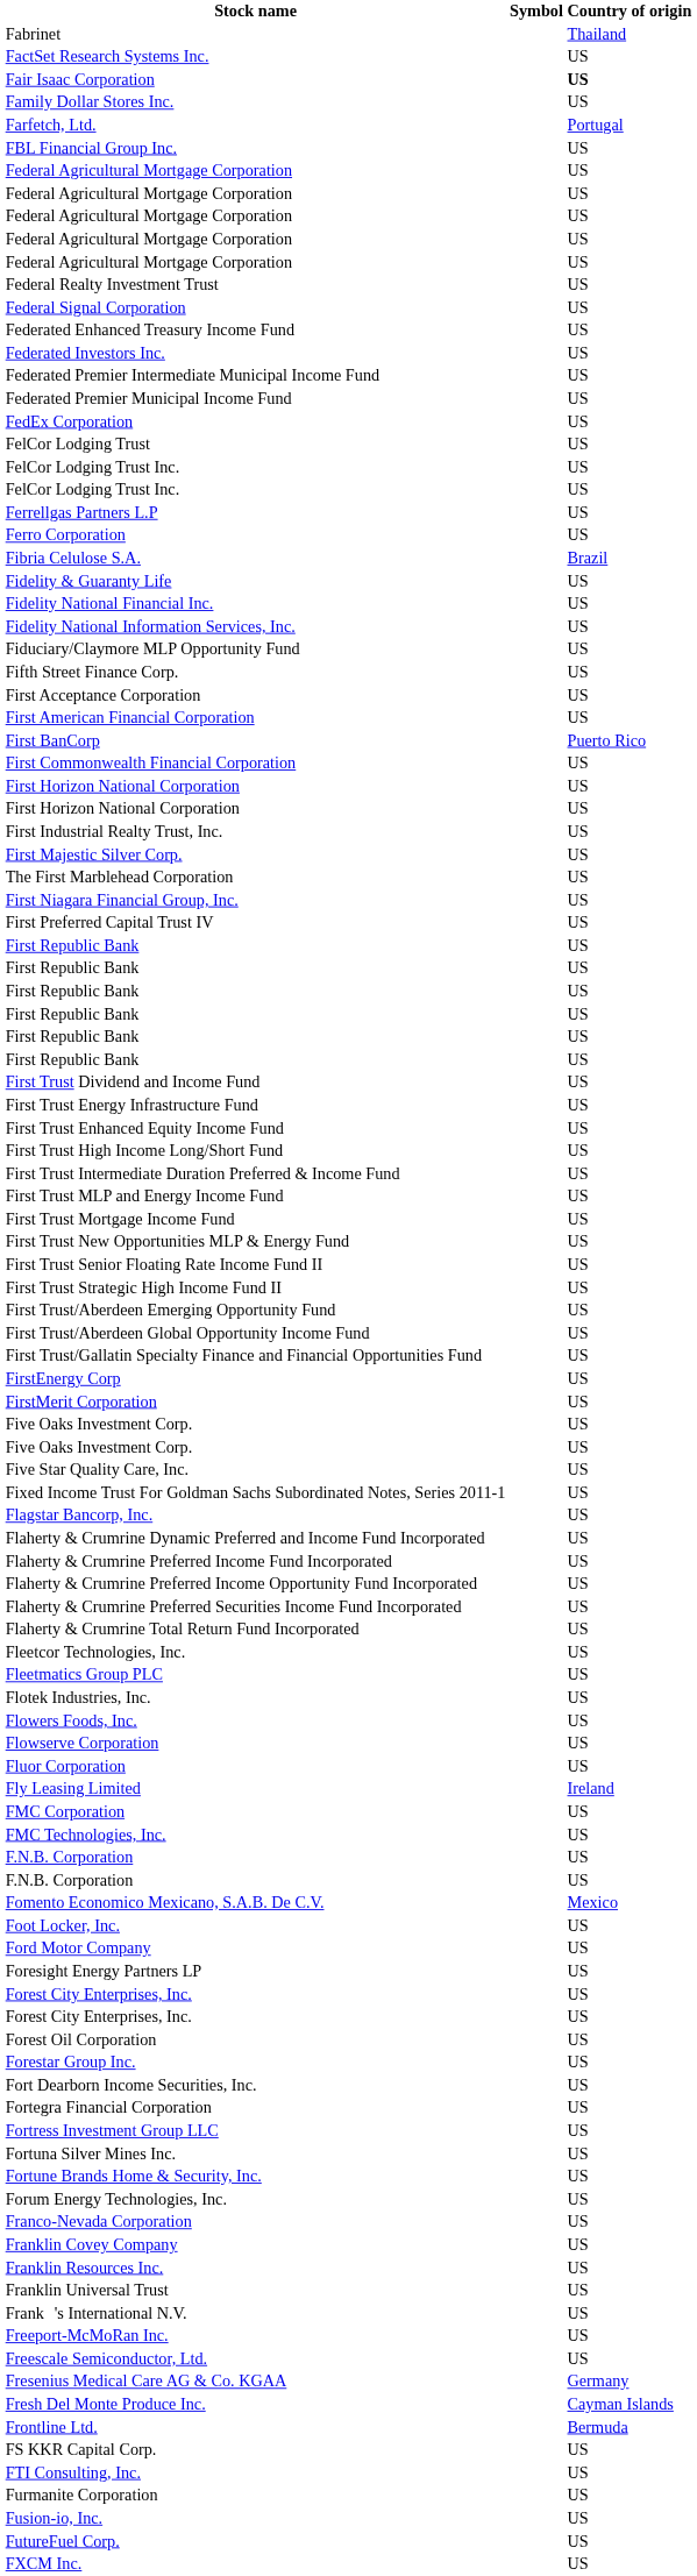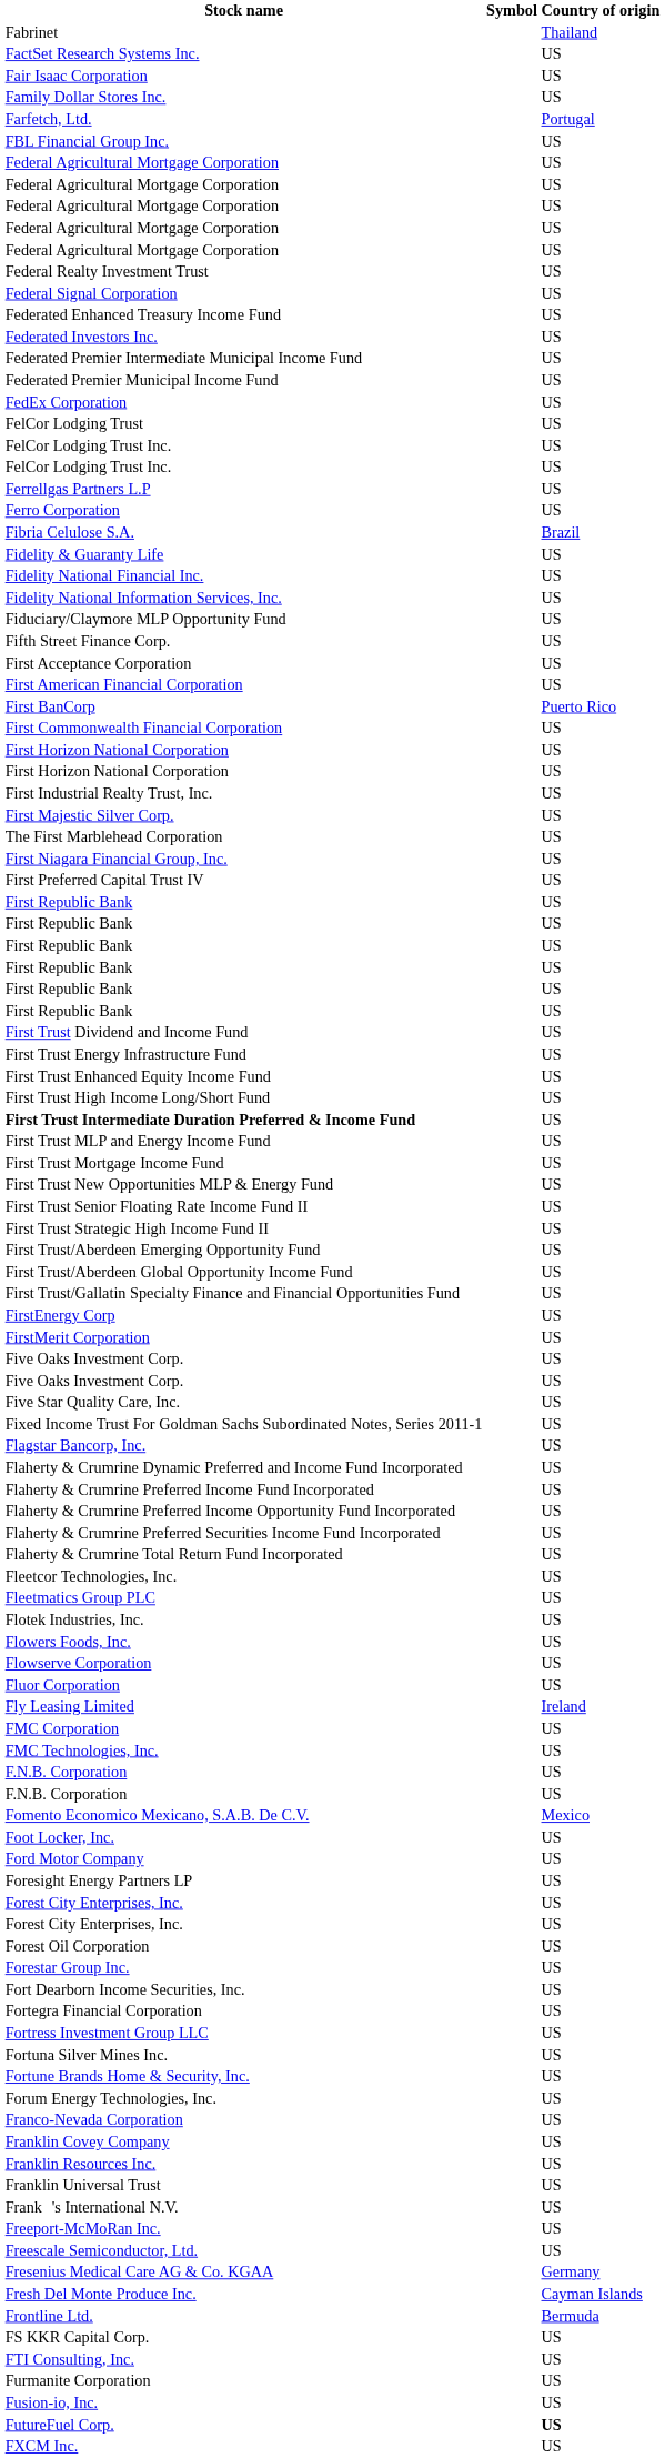 <table style="background:transparent;">
 <tr>
 <th>Stock name</th>
 <th>Symbol</th>
 <th>Country of origin</th>
 </tr>
 <tr --->
 <td>Fabrinet</td>
 <td></td>
 <td><a href='#'>Thailand</a></td>
 </tr>
 <tr --->
 <td><a href='#'>FactSet Research Systems Inc.</a></td>
 <td></td>
 <td>US</td>
 </tr>
 <tr --->
 <td><a href='#'>Fair Isaac Corporation</a></td>
 <td></td>
-<td><strong>US</strong></td>
+<td>US</td>
 </tr>
 <tr --->
 <td><a href='#'>Family Dollar Stores Inc.</a></td>
 <td></td>
 <td>US</td>
 </tr>
 <tr --->
 <td><a href='#'>Farfetch, Ltd.</a></td>
 <td></td>
 <td><a href='#'>Portugal</a></td>
 </tr>
 <tr --->
 <td><a href='#'>FBL Financial Group Inc.</a></td>
 <td></td>
 <td>US</td>
 </tr>
 <tr --->
 <td><a href='#'>Federal Agricultural Mortgage Corporation</a></td>
 <td></td>
 <td>US</td>
 </tr>
 <tr --->
 <td>Federal Agricultural Mortgage Corporation</td>
 <td></td>
 <td>US</td>
 </tr>
 <tr --->
 <td>Federal Agricultural Mortgage Corporation</td>
 <td></td>
 <td>US</td>
 </tr>
 <tr --->
 <td>Federal Agricultural Mortgage Corporation</td>
 <td></td>
 <td>US</td>
 </tr>
 <tr --->
 <td>Federal Agricultural Mortgage Corporation</td>
 <td></td>
 <td>US</td>
 </tr>
 <tr --->
 <td>Federal Realty Investment Trust</td>
 <td></td>
 <td>US</td>
 </tr>
 <tr --->
 <td><a href='#'>Federal Signal Corporation</a></td>
 <td></td>
 <td>US</td>
 </tr>
 <tr --->
 <td>Federated Enhanced Treasury Income Fund</td>
 <td></td>
 <td>US</td>
 </tr>
 <tr --->
 <td><a href='#'>Federated Investors Inc.</a></td>
 <td></td>
 <td>US</td>
 </tr>
 <tr --->
 <td>Federated Premier Intermediate Municipal Income Fund</td>
 <td></td>
 <td>US</td>
 </tr>
 <tr --->
 <td>Federated Premier Municipal Income Fund</td>
 <td></td>
 <td>US</td>
 </tr>
 <tr --->
 <td><a href='#'>FedEx Corporation</a></td>
 <td></td>
 <td>US</td>
 </tr>
 <tr --->
 <td>FelCor Lodging Trust</td>
 <td></td>
 <td>US</td>
 </tr>
 <tr --->
 <td>FelCor Lodging Trust Inc.</td>
 <td></td>
 <td>US</td>
 </tr>
 <tr --->
 <td>FelCor Lodging Trust Inc.</td>
 <td></td>
 <td>US</td>
 </tr>
 <tr --->
 <td><a href='#'>Ferrellgas Partners L.P</a></td>
 <td></td>
 <td>US</td>
 </tr>
 <tr --->
 <td><a href='#'>Ferro Corporation</a></td>
 <td></td>
 <td>US</td>
 </tr>
 <tr --->
 <td><a href='#'>Fibria Celulose S.A.</a></td>
 <td></td>
 <td><a href='#'>Brazil</a></td>
 </tr>
 <tr --->
 <td><a href='#'>Fidelity & Guaranty Life</a></td>
 <td></td>
 <td>US</td>
 </tr>
 <tr --->
 <td><a href='#'>Fidelity National Financial Inc.</a></td>
 <td></td>
 <td>US</td>
 </tr>
 <tr --->
 <td><a href='#'>Fidelity National Information Services, Inc.</a></td>
 <td></td>
 <td>US</td>
 </tr>
 <tr --->
 <td>Fiduciary/Claymore MLP Opportunity Fund</td>
 <td></td>
 <td>US</td>
 </tr>
 <tr --->
 <td>Fifth Street Finance Corp.</td>
 <td></td>
 <td>US</td>
 </tr>
 <tr --->
 <td>First Acceptance Corporation</td>
 <td></td>
 <td>US</td>
 </tr>
 <tr --->
 <td><a href='#'>First American Financial Corporation</a></td>
 <td></td>
 <td>US</td>
 </tr>
 <tr --->
 <td><a href='#'>First BanCorp</a></td>
 <td></td>
 <td><a href='#'>Puerto Rico</a></td>
 </tr>
 <tr --->
 <td><a href='#'>First Commonwealth Financial Corporation</a></td>
 <td></td>
 <td>US</td>
 </tr>
 <tr --->
 <td><a href='#'>First Horizon National Corporation</a></td>
 <td></td>
 <td>US</td>
 </tr>
 <tr --->
 <td>First Horizon National Corporation</td>
 <td></td>
 <td>US</td>
 </tr>
 <tr --->
 <td>First Industrial Realty Trust, Inc.</td>
 <td></td>
 <td>US</td>
 </tr>
 <tr --->
 <td><a href='#'>First Majestic Silver Corp.</a></td>
 <td></td>
 <td>US</td>
 </tr>
 <tr --->
 <td>The First Marblehead Corporation</td>
 <td></td>
 <td>US</td>
 </tr>
 <tr --->
 <td><a href='#'>First Niagara Financial Group, Inc.</a></td>
 <td></td>
 <td>US</td>
 </tr>
 <tr --->
 <td>First Preferred Capital Trust IV</td>
 <td></td>
 <td>US</td>
 </tr>
 <tr --->
 <td><a href='#'>First Republic Bank</a></td>
 <td></td>
 <td>US</td>
 </tr>
 <tr --->
 <td>First Republic Bank</td>
 <td></td>
 <td>US</td>
 </tr>
 <tr --->
 <td>First Republic Bank</td>
 <td></td>
 <td>US</td>
 </tr>
 <tr --->
 <td>First Republic Bank</td>
 <td></td>
 <td>US</td>
 </tr>
 <tr --->
 <td>First Republic Bank</td>
 <td></td>
 <td>US</td>
 </tr>
 <tr --->
 <td>First Republic Bank</td>
 <td></td>
 <td>US</td>
 </tr>
 <tr --->
 <td><a href='#'>First Trust</a> Dividend and Income Fund</td>
 <td></td>
 <td>US</td>
 </tr>
 <tr --->
 <td>First Trust Energy Infrastructure Fund</td>
 <td></td>
 <td>US</td>
 </tr>
 <tr --->
 <td>First Trust Enhanced Equity Income Fund</td>
 <td></td>
 <td>US</td>
 </tr>
 <tr --->
 <td>First Trust High Income Long/Short Fund</td>
 <td></td>
 <td>US</td>
 </tr>
 <tr --->
-<td>First Trust Intermediate Duration Preferred & Income Fund</td>
+<td><strong>First Trust Intermediate Duration Preferred & Income Fund</strong></td>
 <td></td>
 <td>US</td>
 </tr>
 <tr --->
 <td>First Trust MLP and Energy Income Fund</td>
 <td></td>
 <td>US</td>
 </tr>
 <tr --->
 <td>First Trust Mortgage Income Fund</td>
 <td></td>
 <td>US</td>
 </tr>
 <tr --->
 <td>First Trust New Opportunities MLP & Energy Fund</td>
 <td></td>
 <td>US</td>
 </tr>
 <tr --->
 <td>First Trust Senior Floating Rate Income Fund II</td>
 <td></td>
 <td>US</td>
 </tr>
 <tr --->
 <td>First Trust Strategic High Income Fund II</td>
 <td></td>
 <td>US</td>
 </tr>
 <tr --->
 <td>First Trust/Aberdeen Emerging Opportunity Fund</td>
 <td></td>
 <td>US</td>
 </tr>
 <tr --->
 <td>First Trust/Aberdeen Global Opportunity Income Fund</td>
 <td></td>
 <td>US</td>
 </tr>
 <tr --->
 <td>First Trust/Gallatin Specialty Finance and Financial Opportunities Fund</td>
 <td></td>
 <td>US</td>
 </tr>
 <tr --->
 <td><a href='#'>FirstEnergy Corp</a></td>
 <td></td>
 <td>US</td>
 </tr>
 <tr --->
 <td><a href='#'>FirstMerit Corporation</a></td>
 <td></td>
 <td>US</td>
 </tr>
 <tr --->
 <td>Five Oaks Investment Corp.</td>
 <td></td>
 <td>US</td>
 </tr>
 <tr --->
 <td>Five Oaks Investment Corp.</td>
 <td></td>
 <td>US</td>
 </tr>
 <tr --->
 <td>Five Star Quality Care, Inc.</td>
 <td></td>
 <td>US</td>
 </tr>
 <tr --->
 <td>Fixed Income Trust For Goldman Sachs Subordinated Notes, Series 2011-1</td>
 <td></td>
 <td>US</td>
 </tr>
 <tr --->
 <td><a href='#'>Flagstar Bancorp, Inc.</a></td>
 <td></td>
 <td>US</td>
 </tr>
 <tr --->
 <td>Flaherty & Crumrine Dynamic Preferred and Income Fund Incorporated</td>
 <td></td>
 <td>US</td>
 </tr>
 <tr --->
 <td>Flaherty & Crumrine Preferred Income Fund Incorporated</td>
 <td></td>
 <td>US</td>
 </tr>
 <tr --->
 <td>Flaherty & Crumrine Preferred Income Opportunity Fund Incorporated</td>
 <td></td>
 <td>US</td>
 </tr>
 <tr --->
 <td>Flaherty & Crumrine Preferred Securities Income Fund Incorporated</td>
 <td></td>
 <td>US</td>
 </tr>
 <tr --->
 <td>Flaherty & Crumrine Total Return Fund Incorporated</td>
 <td></td>
 <td>US</td>
 </tr>
 <tr --->
 <td>Fleetcor Technologies, Inc.</td>
 <td></td>
 <td>US</td>
 </tr>
 <tr --->
 <td><a href='#'>Fleetmatics Group PLC</a></td>
 <td></td>
 <td>US</td>
 </tr>
 <tr --->
 <td>Flotek Industries, Inc.</td>
 <td></td>
 <td>US</td>
 </tr>
 <tr --->
 <td><a href='#'>Flowers Foods, Inc.</a></td>
 <td></td>
 <td>US</td>
 </tr>
 <tr --->
 <td><a href='#'>Flowserve Corporation</a></td>
 <td></td>
 <td>US</td>
 </tr>
 <tr --->
 <td><a href='#'>Fluor Corporation</a></td>
 <td></td>
 <td>US</td>
 </tr>
 <tr --->
 <td><a href='#'>Fly Leasing Limited</a></td>
 <td></td>
 <td><a href='#'>Ireland</a></td>
 </tr>
 <tr --->
 <td><a href='#'>FMC Corporation</a></td>
 <td></td>
 <td>US</td>
 </tr>
 <tr --->
 <td><a href='#'>FMC Technologies, Inc.</a></td>
 <td></td>
 <td>US</td>
 </tr>
 <tr --->
 <td><a href='#'>F.N.B. Corporation</a></td>
 <td></td>
 <td>US</td>
 </tr>
 <tr --->
 <td>F.N.B. Corporation</td>
 <td></td>
 <td>US</td>
 </tr>
 <tr --->
 <td><a href='#'>Fomento Economico Mexicano, S.A.B. De C.V.</a></td>
 <td></td>
 <td><a href='#'>Mexico</a></td>
 </tr>
 <tr --->
 <td><a href='#'>Foot Locker, Inc.</a></td>
 <td></td>
 <td>US</td>
 </tr>
 <tr --->
 <td><a href='#'>Ford Motor Company</a></td>
 <td></td>
 <td>US</td>
 </tr>
 <tr --->
 <td>Foresight Energy Partners LP</td>
 <td></td>
 <td>US</td>
 </tr>
 <tr --->
 <td><a href='#'>Forest City Enterprises, Inc.</a></td>
 <td></td>
 <td>US</td>
 </tr>
 <tr --->
 <td>Forest City Enterprises, Inc.</td>
 <td></td>
 <td>US</td>
 </tr>
 <tr --->
 <td>Forest Oil Corporation</td>
 <td></td>
 <td>US</td>
 </tr>
 <tr --->
 <td><a href='#'>Forestar Group Inc.</a></td>
 <td></td>
 <td>US</td>
 </tr>
 <tr --->
 <td>Fort Dearborn Income Securities, Inc.</td>
 <td></td>
 <td>US</td>
 </tr>
 <tr --->
 <td>Fortegra Financial Corporation</td>
 <td></td>
 <td>US</td>
 </tr>
 <tr --->
 <td><a href='#'>Fortress Investment Group LLC</a></td>
 <td></td>
 <td>US</td>
 </tr>
 <tr --->
 <td>Fortuna Silver Mines Inc.</td>
 <td></td>
 <td>US</td>
 </tr>
 <tr --->
 <td><a href='#'>Fortune Brands Home & Security, Inc.</a></td>
 <td></td>
 <td>US</td>
 </tr>
 <tr --->
 <td>Forum Energy Technologies, Inc.</td>
 <td></td>
 <td>US</td>
 </tr>
 <tr --->
 <td><a href='#'>Franco-Nevada Corporation</a></td>
 <td></td>
 <td>US</td>
 </tr>
 <tr --->
 <td><a href='#'>Franklin Covey Company</a></td>
 <td></td>
 <td>US</td>
 </tr>
 <tr --->
 <td><a href='#'>Franklin Resources Inc.</a></td>
 <td></td>
 <td>US</td>
 </tr>
 <tr --->
 <td>Franklin Universal Trust</td>
 <td></td>
 <td>US</td>
 </tr>
 <tr --->
 <td>Frank's International N.V.</td>
 <td></td>
 <td>US</td>
 </tr>
 <tr --->
 <td><a href='#'>Freeport-McMoRan Inc.</a></td>
 <td></td>
 <td>US</td>
 </tr>
 <tr --->
 <td><a href='#'>Freescale Semiconductor, Ltd.</a></td>
 <td></td>
 <td>US</td>
 </tr>
 <tr --->
 <td><a href='#'>Fresenius Medical Care AG & Co. KGAA</a></td>
 <td></td>
 <td><a href='#'>Germany</a></td>
 </tr>
 <tr --->
 <td><a href='#'>Fresh Del Monte Produce Inc.</a></td>
 <td></td>
 <td><a href='#'>Cayman Islands</a></td>
 </tr>
 <tr --->
 <td><a href='#'>Frontline Ltd.</a></td>
 <td></td>
 <td><a href='#'>Bermuda</a></td>
 </tr>
 <tr --->
 <td>FS KKR Capital Corp.</td>
 <td></td>
 <td>US</td>
 </tr>
 <tr --->
 <td><a href='#'>FTI Consulting, Inc.</a></td>
 <td></td>
 <td>US</td>
 </tr>
 <tr --->
 <td>Furmanite Corporation</td>
 <td></td>
 <td>US</td>
 </tr>
 <tr --->
 <td><a href='#'>Fusion-io, Inc.</a></td>
 <td></td>
 <td>US</td>
 </tr>
 <tr --->
 <td><a href='#'>FutureFuel Corp.</a></td>
 <td></td>
-<td>US</td>
+<td><strong>US</strong></td>
 </tr>
 <tr --->
 <td><a href='#'>FXCM Inc.</a></td>
 <td></td>
 <td>US</td>
 </tr>
 <tr --->
 </tr>
 </table>
